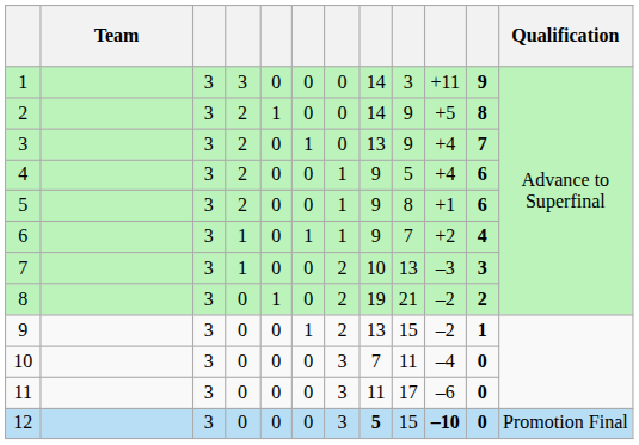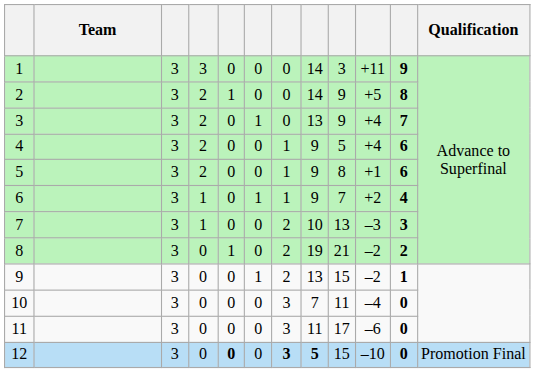 <table class="wikitable" style="text-align: center; font-size: 92%;">
 <tr>
 <th width="20" height="40"></th>
 <th width="110">Team</th>
 <th width="18"></th>
 <th width="20"></th>
 <th width="18"></th>
 <th width="18"></th>
 <th width="20"></th>
 <th width="18"></th>
 <th width="18"></th>
 <th width="25"></th>
 <th width="18"></th>
 <th>Qualification</th>
 </tr>
 <tr style="background-color: #bbf3bb;">
 <td>1</td>
 <td align=left></td>
 <td>3</td>
 <td>3</td>
 <td>0</td>
 <td>0</td>
 <td>0</td>
 <td>14</td>
 <td>3</td>
 <td>+11</td>
 <td><strong>9</strong></td>
 <td rowspan="8">Advance to<br>Superfinal</td>
 </tr>
 <tr style="background-color: #bbf3bb;">
 <td>2</td>
 <td align=left></td>
 <td>3</td>
 <td>2</td>
 <td>1</td>
 <td>0</td>
 <td>0</td>
 <td>14</td>
 <td>9</td>
 <td>+5</td>
 <td><strong>8</strong></td>
 </tr>
 <tr style="background-color: #bbf3bb;">
 <td>3</td>
 <td align=left></td>
 <td>3</td>
 <td>2</td>
 <td>0</td>
 <td>1</td>
 <td>0</td>
 <td>13</td>
 <td>9</td>
 <td>+4</td>
 <td><strong>7</strong></td>
 </tr>
 <tr style="background-color: #bbf3bb;">
 <td>4</td>
 <td align=left></td>
 <td>3</td>
 <td>2</td>
 <td>0</td>
 <td>0</td>
 <td>1</td>
 <td>9</td>
 <td>5</td>
 <td>+4</td>
 <td><strong>6</strong></td>
 </tr>
 <tr style="background-color: #bbf3bb;">
 <td>5</td>
 <td align=left></td>
 <td>3</td>
 <td>2</td>
 <td>0</td>
 <td>0</td>
 <td>1</td>
 <td>9</td>
 <td>8</td>
 <td>+1</td>
 <td><strong>6</strong></td>
 </tr>
 <tr style="background-color: #bbf3bb;">
 <td>6</td>
 <td align=left></td>
 <td>3</td>
 <td>1</td>
 <td>0</td>
 <td>1</td>
 <td>1</td>
 <td>9</td>
 <td>7</td>
 <td>+2</td>
 <td><strong>4</strong></td>
 </tr>
 <tr style="background-color: #bbf3bb;">
 <td>7</td>
 <td align=left></td>
 <td>3</td>
 <td>1</td>
 <td>0</td>
 <td>0</td>
 <td>2</td>
 <td>10</td>
 <td>13</td>
 <td>–3</td>
 <td><strong>3</strong></td>
 </tr>
 <tr style="background-color: #bbf3bb;">
 <td>8</td>
 <td align=left></td>
 <td>3</td>
 <td>0</td>
 <td>1</td>
 <td>0</td>
 <td>2</td>
 <td>19</td>
 <td>21</td>
 <td>–2</td>
 <td><strong>2</strong></td>
 </tr>
 <tr>
 <td>9</td>
 <td align=left></td>
 <td>3</td>
 <td>0</td>
 <td>0</td>
 <td>1</td>
 <td>2</td>
 <td>13</td>
 <td>15</td>
 <td>–2</td>
 <td><strong>1</strong></td>
 <td rowspan="3"></td>
 </tr>
 <tr>
 <td>10</td>
 <td align=left></td>
 <td>3</td>
 <td>0</td>
 <td>0</td>
 <td>0</td>
 <td>3</td>
 <td>7</td>
 <td>11</td>
 <td>–4</td>
 <td><strong>0</strong></td>
 </tr>
 <tr>
 <td>11</td>
 <td align=left></td>
 <td>3</td>
 <td>0</td>
 <td>0</td>
 <td>0</td>
 <td>3</td>
 <td>11</td>
 <td>17</td>
 <td>–6</td>
 <td><strong>0</strong></td>
 </tr>
 <tr style="background-color: #b8def6">
 <td>12</td>
 <td align=left></td>
 <td>3</td>
 <td>0</td>
+<td><strong>0</strong></td>
 <td>0</td>
-<td>0</td>
-<td>3</td>
+<td><strong>3</strong></td>
 <td><strong>5</strong></td>
 <td>15</td>
-<td><strong>–10</strong></td>
+<td>–10</td>
 <td><strong>0</strong></td>
 <td>Promotion Final</td>
 </tr>
 </table>
